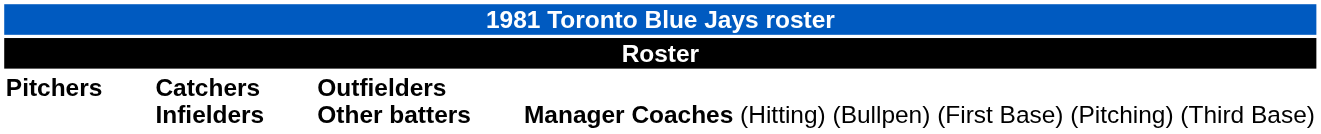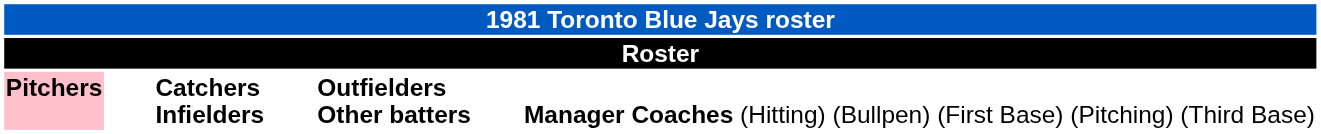 <table class="toccolours" style="font-size: 95%;">
 <tr>
 <th colspan="10" style="background-color: #005ac0;color:#FFFFFF;text-align:center;">1981 Toronto Blue Jays roster</th>
 </tr>
 <tr>
 <td colspan="10" style="background-color: black; color: white; text-align: center;"><strong>Roster</strong></td>
 </tr>
 <tr>
-<td valign="top"><strong>Pitchers</strong><br>      <br>      </td>
+<td valign="top" style="background: pink;"><strong>Pitchers</strong><br>      <br>      </td>
 <td width="25px"></td>
 <td valign="top"><strong>Catchers</strong><br>   <strong>Infielders</strong>         </td>
 <td width="25px"></td>
 <td valign="top"><strong>Outfielders</strong><br>     <strong>Other batters</strong>   </td>
 <td width="25px"></td>
 <td valign="top"><br><strong>Manager</strong>  <strong>Coaches</strong>  (Hitting)  (Bullpen)  (First Base)  (Pitching)  (Third Base)</td>
 </tr>
 </table>
